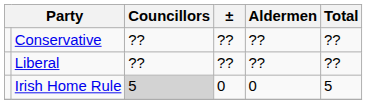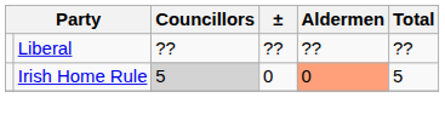 <table class="wikitable">
 <tr>
 <th colspan="2">Party</th>
 <th>Councillors</th>
 <th>  ±  </th>
 <th>Aldermen</th>
 <th>Total</th>
-</tr>
-<tr>
-<td style="background-color: "></td>
-<td><a href='#'>Conservative</a></td>
-<td>??</td>
-<td>??</td>
-<td>??</td>
-<td>??</td>
 </tr>
 <tr>
 <td style="background-color: "></td>
 <td><a href='#'>Liberal</a></td>
 <td>??</td>
 <td>??</td>
 <td>??</td>
 <td>??</td>
 </tr>
 <tr>
 <td style="background-color: "></td>
 <td><a href='#'>Irish Home Rule</a></td>
 <td style="background: lightgrey;">5</td>
 <td>0</td>
-<td>0</td>
+<td style="background: lightsalmon;">0</td>
 <td>5</td>
 </tr>
 <tr>
 </tr>
 </table>
